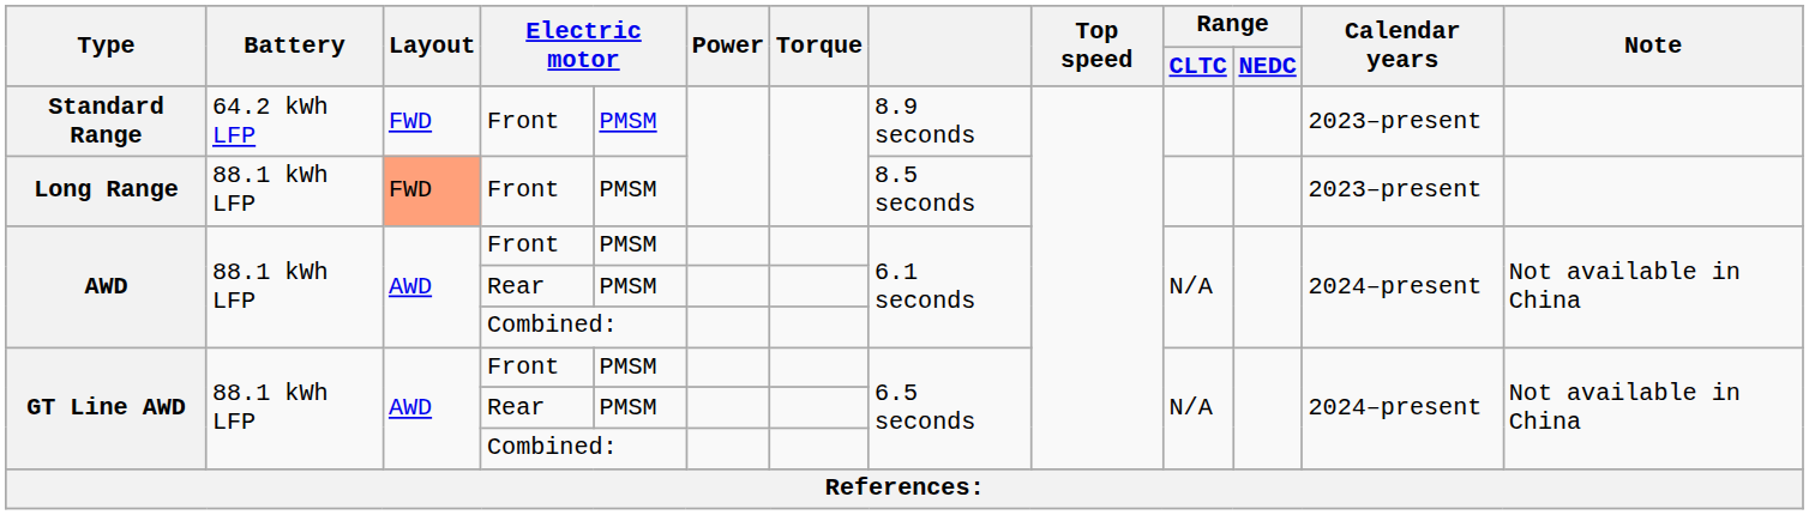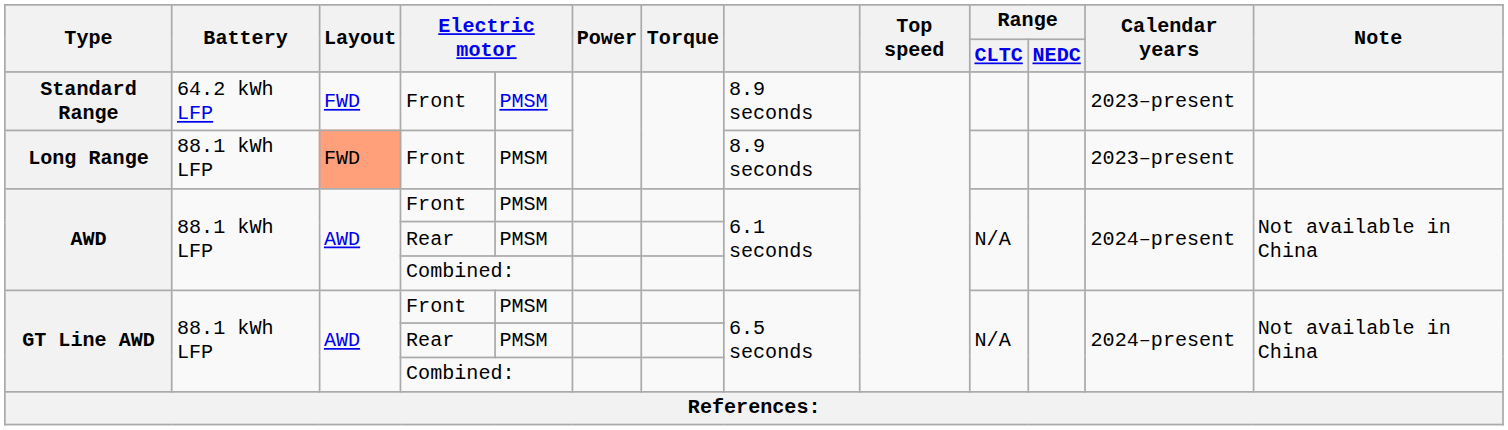 <table class="wikitable" style="text-align:left; font-size:90%;">
 <tr>
 <th rowspan="2">Type</th>
 <th rowspan="2">Battery</th>
 <th rowspan="2">Layout</th>
 <th colspan="2" rowspan="2"><a href='#'>Electric motor</a></th>
 <th rowspan="2">Power</th>
 <th rowspan="2">Torque</th>
 <th rowspan="2"></th>
 <th rowspan="2">Top speed</th>
 <th colspan="2">Range</th>
 <th rowspan="2">Calendar years</th>
 <th rowspan="2">Note</th>
 </tr>
 <tr>
 <th><a href='#'>CLTC</a></th>
 <th><a href='#'>NEDC</a></th>
 </tr>
 <tr>
 <th>Standard Range</th>
 <td>64.2 kWh <a href='#'>LFP</a></td>
 <td><a href='#'>FWD</a></td>
 <td>Front</td>
 <td><a href='#'>PMSM</a></td>
 <td rowspan="2"></td>
 <td rowspan="2"></td>
 <td>8.9 seconds</td>
 <td rowspan="8"></td>
 <td></td>
 <td></td>
 <td>2023–present</td>
 <td></td>
 </tr>
 <tr>
 <th>Long Range</th>
 <td>88.1 kWh LFP</td>
 <td style="background: lightsalmon;">FWD</td>
 <td>Front</td>
 <td>PMSM</td>
-<td>8.5 seconds</td>
+<td>8.9 seconds</td>
 <td></td>
 <td></td>
 <td>2023–present</td>
 <td></td>
 </tr>
 <tr>
 <th rowspan="3">AWD</th>
 <td rowspan="3">88.1 kWh LFP</td>
 <td rowspan="3"><a href='#'>AWD</a></td>
 <td>Front</td>
 <td>PMSM</td>
 <td></td>
 <td></td>
 <td rowspan="3">6.1 seconds</td>
 <td rowspan="3">N/A</td>
 <td rowspan="3"></td>
 <td rowspan="3">2024–present</td>
 <td rowspan="3">Not available in China</td>
 </tr>
 <tr>
 <td>Rear</td>
 <td>PMSM</td>
 <td></td>
 <td></td>
 </tr>
 <tr>
 <td colspan="2">Combined:</td>
 <td></td>
 <td></td>
 </tr>
 <tr>
 <th rowspan="3">GT Line AWD</th>
 <td rowspan="3">88.1 kWh LFP</td>
 <td rowspan="3"><a href='#'>AWD</a></td>
 <td>Front</td>
 <td>PMSM</td>
 <td></td>
 <td></td>
 <td rowspan="3">6.5 seconds</td>
 <td rowspan="3">N/A</td>
 <td rowspan="3"></td>
 <td rowspan="3">2024–present</td>
 <td rowspan="3">Not available in China</td>
 </tr>
 <tr>
 <td>Rear</td>
 <td>PMSM</td>
 <td></td>
 <td></td>
 </tr>
 <tr>
 <td colspan="2">Combined:</td>
 <td></td>
 <td></td>
 </tr>
 <tr>
 <th colspan="13">References: </th>
 </tr>
 </table>
